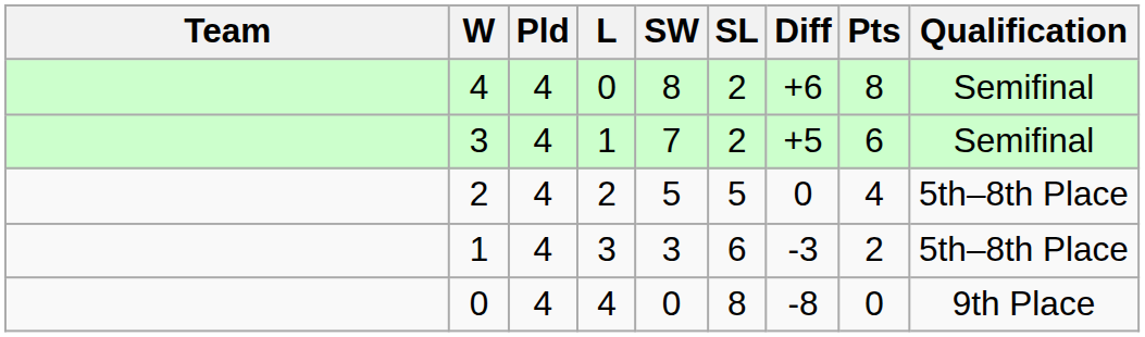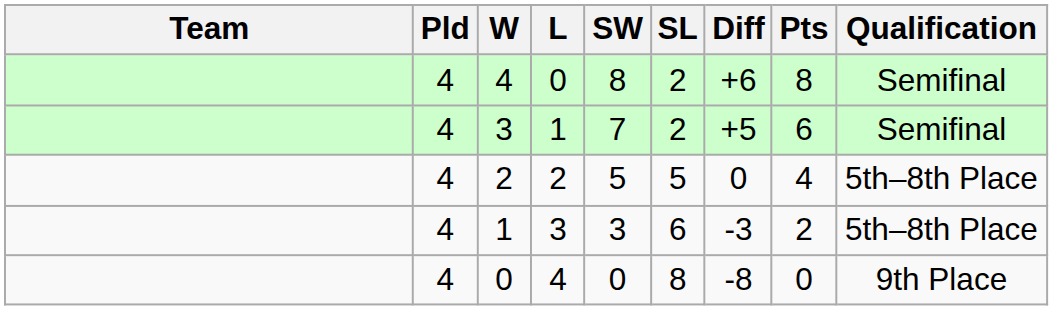 <table class=wikitable style="text-align:center">
 <tr>
 <th width=200>Team</th>
+<th width=20>Pld</th>
 <th width=20>W</th>
-<th width=20>Pld</th>
 <th width=20>L</th>
 <th width=20>SW</th>
 <th width=20>SL</th>
 <th width=20>Diff</th>
 <th width=20>Pts</th>
 <th width=100>Qualification</th>
 </tr>
 <tr bgcolor=#ccffcc>
 <td align=left></td>
 <td>4</td>
 <td>4</td>
 <td>0</td>
 <td>8</td>
 <td>2</td>
 <td>+6</td>
 <td>8</td>
 <td>Semifinal</td>
 </tr>
 <tr bgcolor=#ccffcc>
 <td align=left></td>
+<td>4</td>
 <td>3</td>
-<td>4</td>
 <td>1</td>
 <td>7</td>
 <td>2</td>
 <td>+5</td>
 <td>6</td>
 <td>Semifinal</td>
 </tr>
 <tr>
 <td align=left></td>
+<td>4</td>
 <td>2</td>
-<td>4</td>
 <td>2</td>
 <td>5</td>
 <td>5</td>
 <td>0</td>
 <td>4</td>
 <td>5th–8th Place</td>
 </tr>
 <tr>
 <td align=left></td>
+<td>4</td>
 <td>1</td>
-<td>4</td>
 <td>3</td>
 <td>3</td>
 <td>6</td>
 <td>-3</td>
 <td>2</td>
 <td>5th–8th Place</td>
 </tr>
 <tr>
 <td align=left></td>
+<td>4</td>
 <td>0</td>
-<td>4</td>
 <td>4</td>
 <td>0</td>
 <td>8</td>
 <td>-8</td>
 <td>0</td>
 <td>9th Place</td>
 </tr>
 </table>
